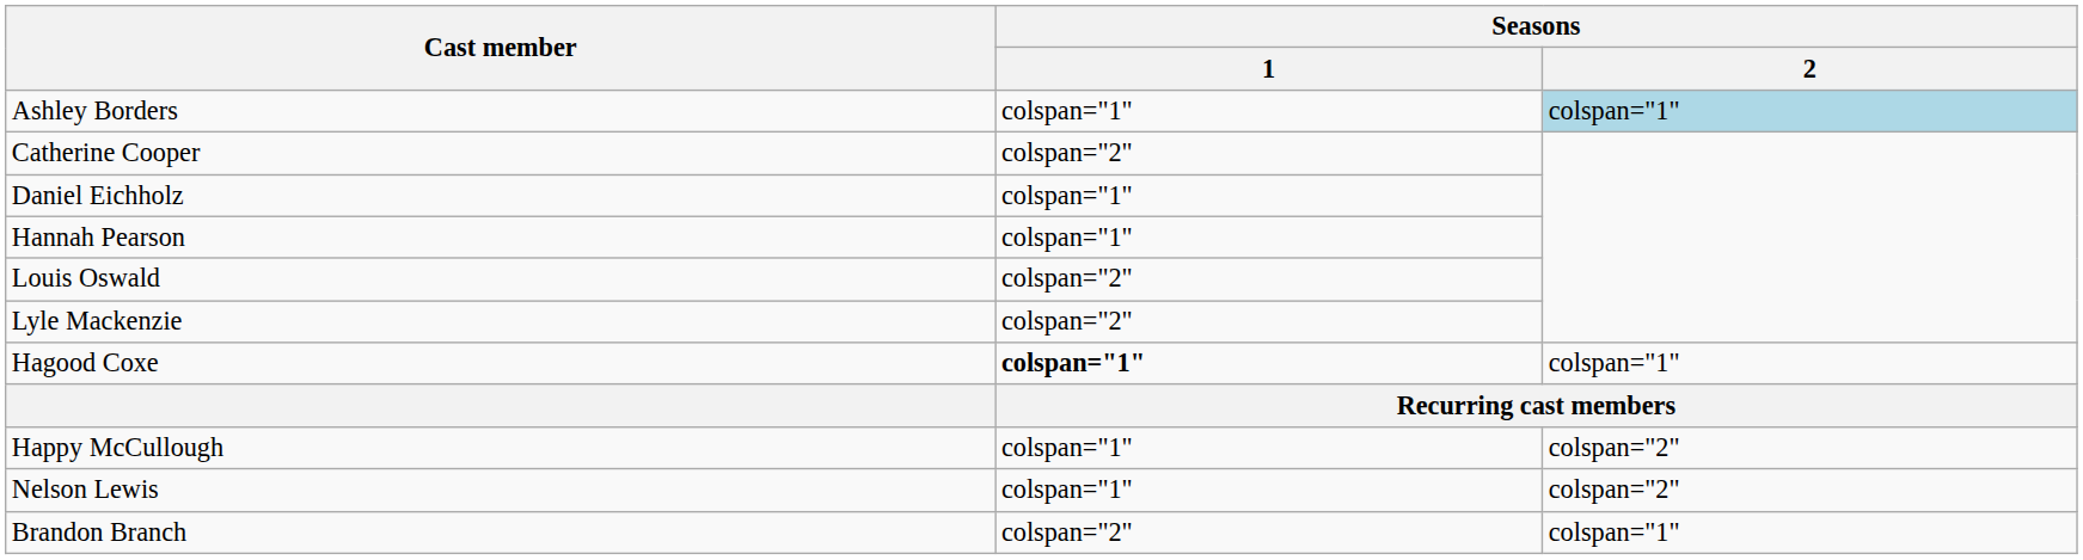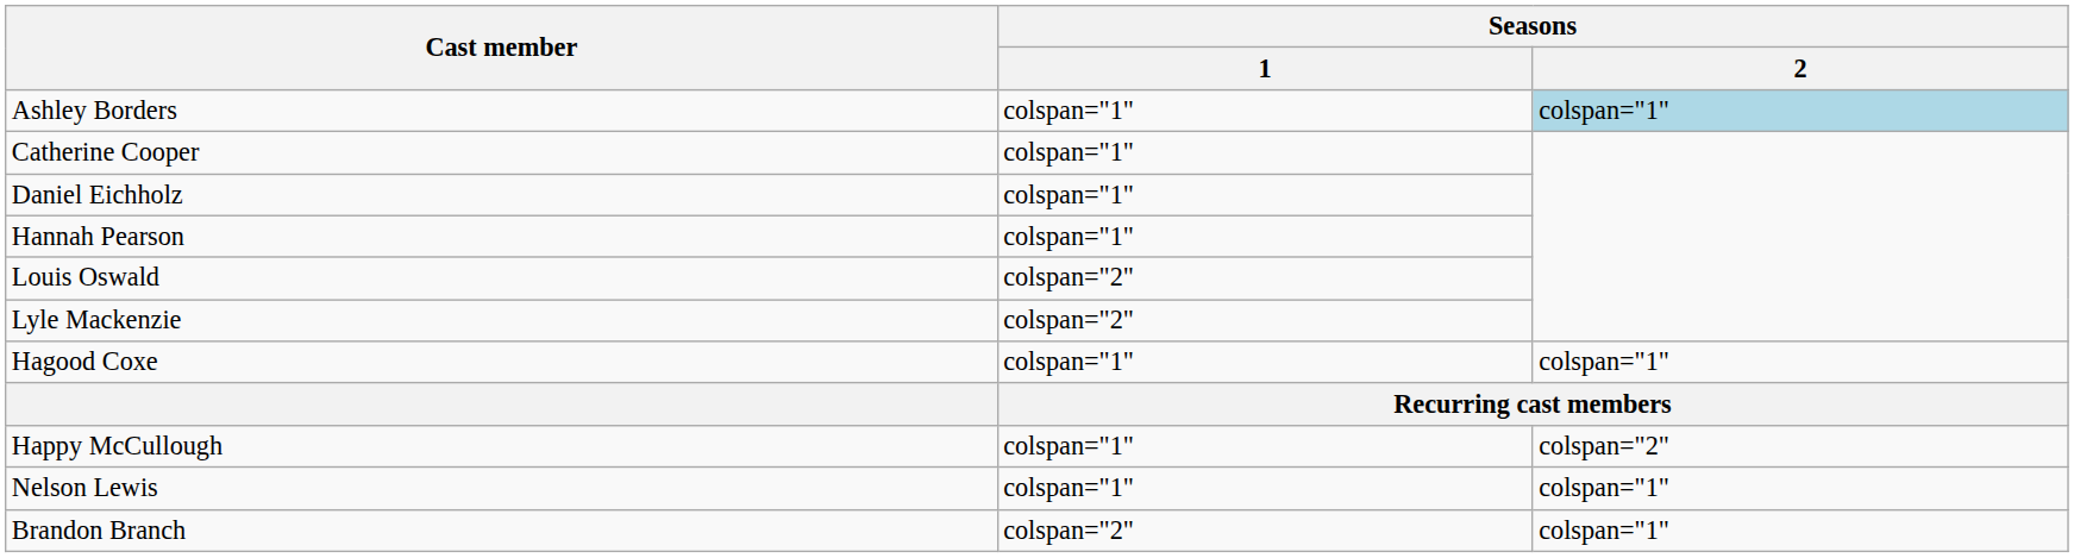 <table class="wikitable plainrowheaders">
 <tr>
 <th rowspan="2" style="width:10%;">Cast member</th>
 <th colspan="2">Seasons</th>
 </tr>
 <tr>
 <th style="width:5%;">1</th>
 <th style="width:5%;">2</th>
 </tr>
 <tr>
 <td>Ashley Borders</td>
 <td>colspan="1" </td>
 <td style="background: lightblue;">colspan="1" </td>
 </tr>
 <tr>
 <td>Catherine Cooper</td>
-<td>colspan="2" </td>
+<td>colspan="1" </td>
 </tr>
 <tr>
 <td>Daniel Eichholz</td>
 <td>colspan="1" </td>
 </tr>
 <tr>
 <td>Hannah Pearson</td>
 <td>colspan="1" </td>
 </tr>
 <tr>
 <td>Louis Oswald</td>
 <td>colspan="2" </td>
 </tr>
 <tr>
 <td>Lyle Mackenzie</td>
 <td>colspan="2" </td>
 </tr>
 <tr>
 <td>Hagood Coxe</td>
-<td><strong>colspan="1" </strong></td>
+<td>colspan="1" </td>
 <td>colspan="1" </td>
 </tr>
 <tr>
 <th rowspan="1" style="width:10%;"></th>
 <th colspan="2">Recurring cast members</th>
 </tr>
 <tr>
 <td scope="row">Happy McCullough</td>
 <td>colspan="1" </td>
 <td>colspan="2" </td>
 </tr>
 <tr>
 <td scope="row">Nelson Lewis</td>
 <td>colspan="1" </td>
-<td>colspan="2" </td>
+<td>colspan="1" </td>
 </tr>
 <tr>
 <td scope="row">Brandon Branch</td>
 <td>colspan="2" </td>
 <td>colspan="1" </td>
 </tr>
 </table>
